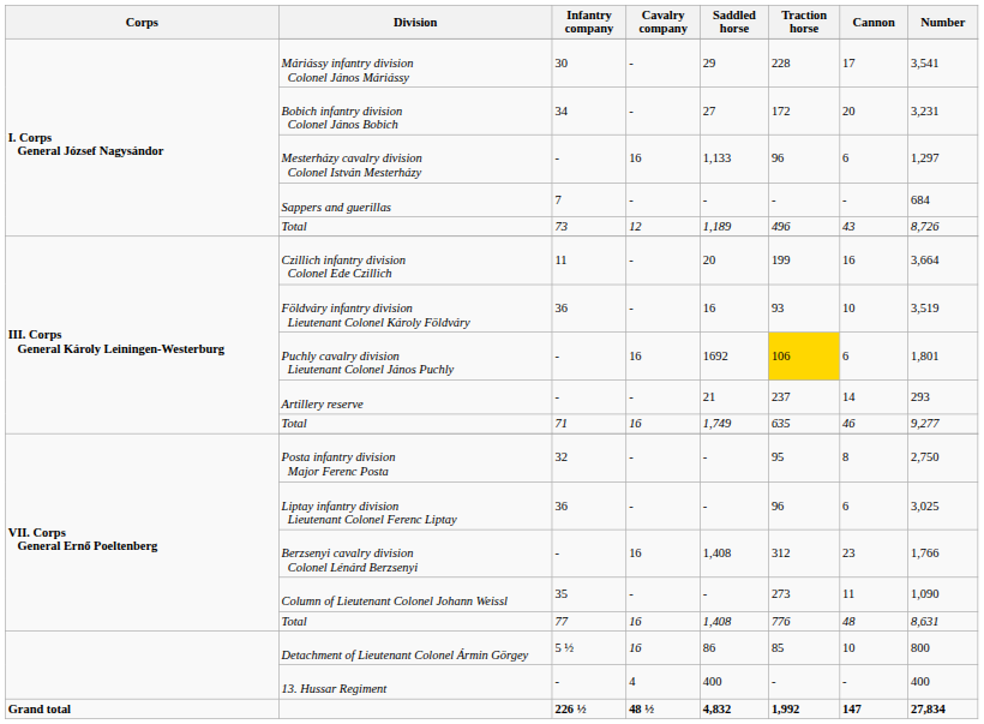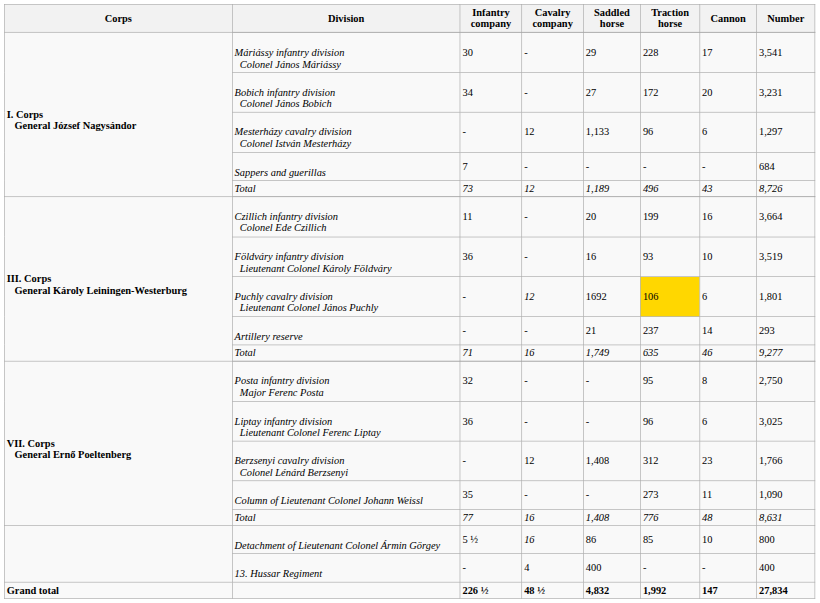 <table class="wikitable">
 <tr>
 <th width=20%>Corps</th>
 <th width=20%>Division</th>
 <th width=5%>Infantry company</th>
 <th width=5%>Cavalry company</th>
 <th width=5%>Saddled horse</th>
 <th width=5%>Traction horse</th>
 <th width=5%>Cannon</th>
 <th width=5%>Number</th>
 </tr>
 <tr>
 <td rowspan=6><br><strong>I. Corps</strong> <br>   <strong>General József Nagysándor</strong></td>
 </tr>
 <tr>
 <td><br><em>Máriássy infantry division</em> <br>  <em>Colonel János Máriássy</em></td>
 <td>30</td>
 <td>-</td>
 <td>29</td>
 <td>228</td>
 <td>17</td>
 <td>3,541</td>
 </tr>
 <tr>
 <td><br><em>Bobich infantry division</em> <br>  <em>Colonel János Bobich</em></td>
 <td>34</td>
 <td>-</td>
 <td>27</td>
 <td>172</td>
 <td>20</td>
 <td>3,231</td>
 </tr>
 <tr>
 <td><br><em>Mesterházy cavalry division</em> <br>  <em>Colonel István Mesterházy</em></td>
 <td>-</td>
-<td>16</td>
+<td>12</td>
 <td>1,133</td>
 <td>96</td>
 <td>6</td>
 <td>1,297</td>
 </tr>
 <tr>
 <td><br><em>Sappers and guerillas</em></td>
 <td>7</td>
 <td>-</td>
 <td>-</td>
 <td>-</td>
 <td>-</td>
 <td>684</td>
 </tr>
 <tr>
 <td><em>Total</em></td>
 <td><em>73</em></td>
 <td><em>12</em></td>
 <td><em>1,189</em></td>
 <td><em>496</em></td>
 <td><em>43</em></td>
 <td><em>8,726</em></td>
 </tr>
 <tr>
 <td rowspan=6><br><strong>III. Corps</strong> <br>   <strong>General Károly Leiningen-Westerburg</strong></td>
 </tr>
 <tr>
 <td><br><em>Czillich infantry division</em> <br>  <em>Colonel Ede Czillich</em></td>
 <td>11</td>
 <td>-</td>
 <td>20</td>
 <td>199</td>
 <td>16</td>
 <td>3,664</td>
 </tr>
 <tr>
 <td><br><em>Földváry infantry division</em> <br>  <em>Lieutenant Colonel Károly Földváry</em></td>
 <td>36</td>
 <td>-</td>
 <td>16</td>
 <td>93</td>
 <td>10</td>
 <td>3,519</td>
 </tr>
 <tr>
 <td><br><em>Puchly cavalry division</em> <br>  <em>Lieutenant Colonel János Puchly</em></td>
 <td>-</td>
-<td>16</td>
+<td><em>12</em></td>
 <td>1692</td>
 <td style="background: gold;">106</td>
 <td>6</td>
 <td>1,801</td>
 </tr>
 <tr>
 <td><br><em>Artillery reserve</em></td>
 <td>-</td>
 <td>-</td>
 <td>21</td>
 <td>237</td>
 <td>14</td>
 <td>293</td>
 </tr>
 <tr>
 <td><em>Total</em></td>
 <td><em>71</em></td>
 <td><em>16</em></td>
 <td><em>1,749</em></td>
 <td><em>635</em></td>
 <td><em>46</em></td>
 <td><em>9,277</em></td>
 </tr>
 <tr>
 <td rowspan=6><br><strong>VII. Corps</strong> <br>   <strong>General Ernő Poeltenberg</strong></td>
 </tr>
 <tr>
 <td><br><em>Posta infantry division</em> <br>  <em>Major Ferenc Posta</em></td>
 <td>32</td>
 <td>-</td>
 <td>-</td>
 <td>95</td>
 <td>8</td>
 <td>2,750</td>
 </tr>
 <tr>
 <td><br><em>Liptay infantry division</em> <br>  <em>Lieutenant Colonel Ferenc Liptay</em></td>
 <td>36</td>
 <td>-</td>
 <td>-</td>
 <td>96</td>
 <td>6</td>
 <td>3,025</td>
 </tr>
 <tr>
 <td><br><em>Berzsenyi cavalry division</em> <br>  <em>Colonel Lénárd Berzsenyi</em></td>
 <td>-</td>
-<td>16</td>
+<td>12</td>
 <td>1,408</td>
 <td>312</td>
 <td>23</td>
 <td>1,766</td>
 </tr>
 <tr>
 <td><br><em>Column of Lieutenant Colonel Johann Weissl</em></td>
 <td>35</td>
 <td>-</td>
 <td>-</td>
 <td>273</td>
 <td>11</td>
 <td>1,090</td>
 </tr>
 <tr>
 <td><em>Total</em></td>
 <td><em>77</em></td>
 <td><em>16</em></td>
 <td><em>1,408</em></td>
 <td><em>776</em></td>
 <td><em>48</em></td>
 <td><em>8,631</em></td>
 </tr>
 <tr>
 <td rowspan=2></td>
 <td><br><em>Detachment of Lieutenant Colonel Ármin Görgey</em></td>
 <td>5 ½</td>
 <td><em>16</em></td>
 <td>86</td>
 <td>85</td>
 <td>10</td>
 <td>800</td>
 </tr>
 <tr>
 <td rowspan=1><br><em>13. Hussar Regiment</em></td>
 <td>-</td>
 <td>4</td>
 <td>400</td>
 <td>-</td>
 <td>-</td>
 <td>400</td>
 </tr>
 <tr>
 <td><strong>Grand total</strong></td>
 <td></td>
 <td><strong>226 ½</strong></td>
 <td><strong>48 ½</strong></td>
 <td><strong>4,832</strong></td>
 <td><strong>1,992</strong></td>
 <td><strong>147</strong></td>
 <td><strong>27,834</strong></td>
 </tr>
 </table>
